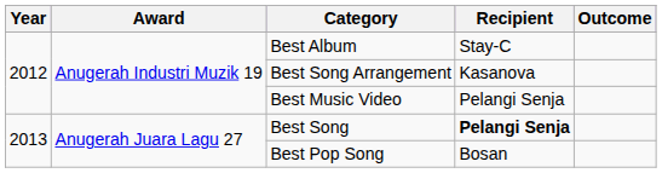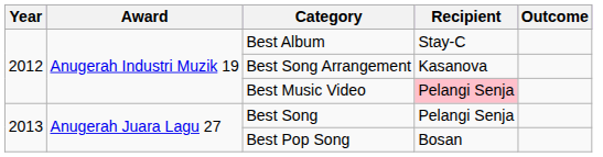 <table class="wikitable">
 <tr style="background:#96c; text-align:center;">
 <th style="text-align:center;">Year</th>
 <th>Award</th>
 <th>Category</th>
 <th>Recipient</th>
 <th>Outcome</th>
 </tr>
 <tr>
 <td rowspan="3">2012</td>
 <td rowspan="3"><a href='#'>Anugerah Industri Muzik</a> 19</td>
 <td>Best Album</td>
 <td>Stay-C</td>
 <td></td>
 </tr>
 <tr>
 <td>Best Song Arrangement</td>
 <td>Kasanova</td>
 <td></td>
 </tr>
 <tr>
 <td>Best Music Video</td>
-<td>Pelangi Senja</td>
+<td style="background: pink;">Pelangi Senja</td>
 <td></td>
 </tr>
 <tr>
 <td rowspan="2">2013</td>
 <td rowspan="2"><a href='#'>Anugerah Juara Lagu</a> 27</td>
 <td>Best Song</td>
-<td><strong>Pelangi Senja</strong></td>
+<td>Pelangi Senja</td>
 <td></td>
 </tr>
 <tr>
 <td>Best Pop Song</td>
 <td>Bosan</td>
 <td></td>
 </tr>
 </table>
